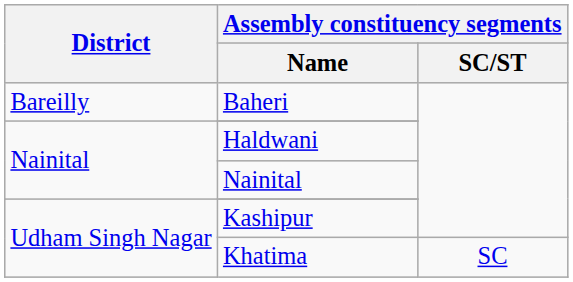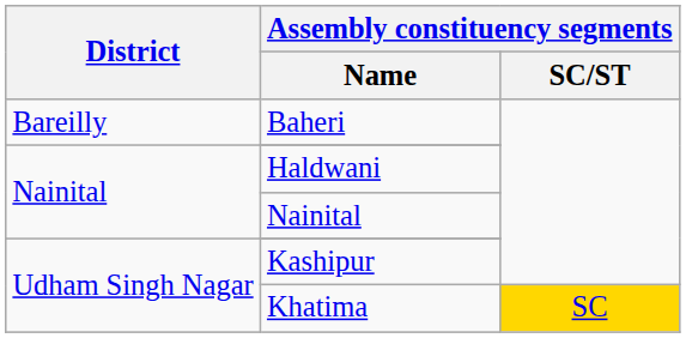 <table class="wikitable sortable">
 <tr>
 <th rowspan="2"><a href='#'>District</a></th>
 <th colspan="2"><a href='#'>Assembly constituency segments</a></th>
 </tr>
 <tr>
 <th>Name</th>
 <th>SC/ST</th>
 </tr>
 <tr>
 <td><a href='#'>Bareilly</a></td>
 <td><a href='#'>Baheri</a></td>
 <td rowspan="6"></td>
 </tr>
 <tr>
 <td rowspan="3"><a href='#'>Nainital</a></td>
 </tr>
 <tr>
 <td><a href='#'>Haldwani</a></td>
 </tr>
 <tr>
 <td><a href='#'>Nainital</a></td>
 </tr>
 <tr>
 <td rowspan="3"><a href='#'>Udham Singh Nagar</a></td>
 </tr>
 <tr>
 <td><a href='#'>Kashipur</a></td>
 </tr>
 <tr>
 <td><a href='#'>Khatima</a></td>
-<td align="center"><a href='#'>SC</a></td>
+<td align="center" style="background: gold;"><a href='#'>SC</a></td>
 </tr>
 </table>
